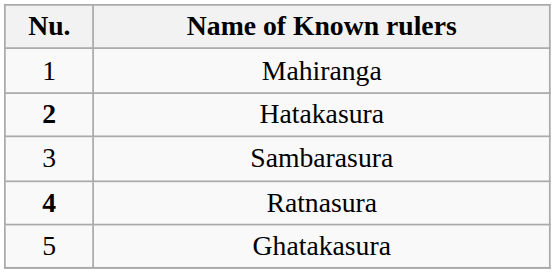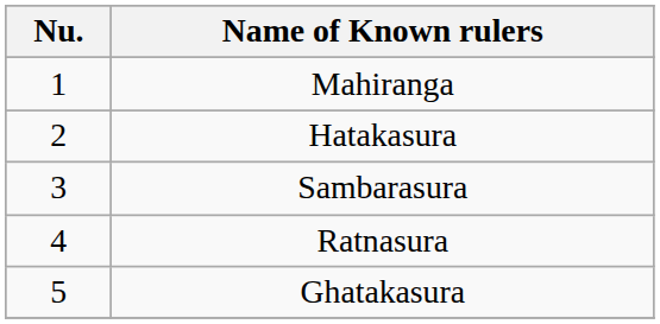 <table class="wikitable" style="text-align:center; width:25%;" align="center">
 <tr>
 <th>Nu.</th>
 <th>Name of Known rulers</th>
 </tr>
 <tr>
 <td>1</td>
 <td>Mahiranga</td>
 </tr>
 <tr>
-<td><strong>2</strong></td>
+<td>2</td>
 <td>Hatakasura</td>
 </tr>
 <tr>
 <td>3</td>
 <td>Sambarasura</td>
 </tr>
 <tr>
-<td><strong>4</strong></td>
+<td>4</td>
 <td>Ratnasura</td>
 </tr>
 <tr>
 <td>5</td>
 <td>Ghatakasura</td>
 </tr>
 <tr>
 </tr>
 </table>
